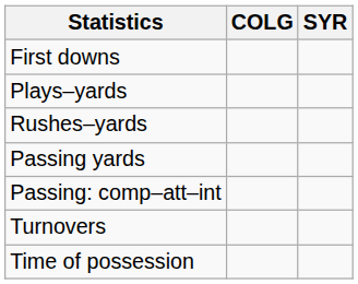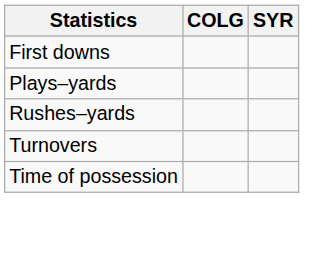 <table class="wikitable" style="float:left">
 <tr>
 <th>Statistics</th>
 <th>COLG</th>
 <th>SYR</th>
 </tr>
 <tr>
 <td>First downs</td>
 <td></td>
 <td></td>
 </tr>
 <tr>
 <td>Plays–yards</td>
 <td></td>
 <td></td>
 </tr>
 <tr>
 <td>Rushes–yards</td>
 <td></td>
 <td></td>
 </tr>
 <tr>
-<td>Passing yards</td>
-<td></td>
-<td></td>
-</tr>
-<tr>
-<td>Passing: comp–att–int</td>
-<td></td>
-<td></td>
-</tr>
-<tr>
 <td>Turnovers</td>
 <td></td>
 <td></td>
 </tr>
 <tr>
 <td>Time of possession</td>
 <td></td>
 <td></td>
 </tr>
 </table>
